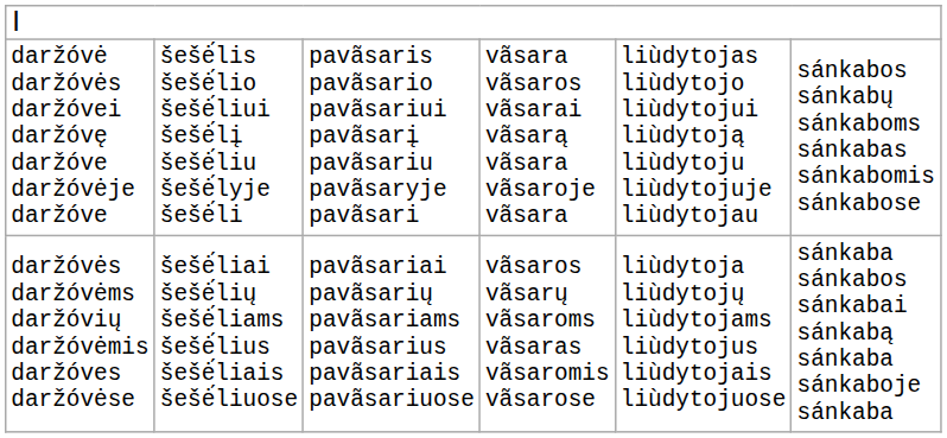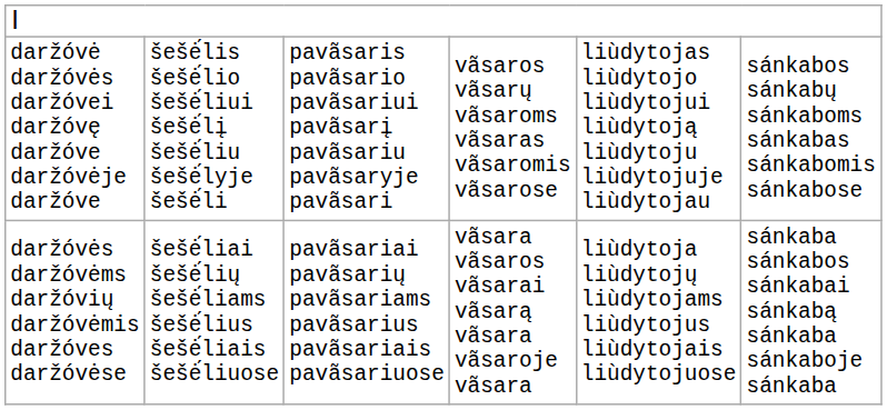 <table class=wikitable style="font-family: monospace; background:#FFFFFF">
 <tr style="font-family: sans-serif; line-height: 0.7em">
 <td colspan=6>I</td>
 </tr>
 <tr>
 <td>daržóvė<br>daržóvės<br>daržóvei<br>daržóvę<br>daržóve<br>daržóvėje<br>daržóve</td>
 <td>šešė́lis<br>šešė́lio<br>šešė́liui<br>šešė́lį<br>šešė́liu<br>šešė́lyje<br>šešė́li</td>
 <td>pavãsaris<br>pavãsario<br>pavãsariui<br>pavãsarį<br>pavãsariu<br>pavãsaryje<br>pavãsari</td>
-<td>vãsara<br>vãsaros<br>vãsarai<br>vãsarą<br>vãsara<br>vãsaroje<br>vãsara</td>
+<td>vãsaros<br>vãsarų<br>vãsaroms<br>vãsaras<br>vãsaromis<br>vãsarose</td>
 <td>liùdytojas<br>liùdytojo<br>liùdytojui<br>liùdytoją<br>liùdytoju<br>liùdytojuje<br>liùdytojau</td>
 <td>sánkabos<br>sánkabų<br>sánkaboms<br>sánkabas<br>sánkabomis<br>sánkabose</td>
 </tr>
 <tr>
 <td>daržóvės<br>daržóvėms<br>daržóvių<br>daržóvėmis<br>daržóves<br>daržóvėse</td>
 <td>šešė́liai<br>šešė́lių<br>šešė́liams<br>šešė́lius<br>šešė́liais<br>šešė́liuose</td>
 <td>pavãsariai<br>pavãsarių<br>pavãsariams<br>pavãsarius<br>pavãsariais<br>pavãsariuose</td>
-<td>vãsaros<br>vãsarų<br>vãsaroms<br>vãsaras<br>vãsaromis<br>vãsarose</td>
+<td>vãsara<br>vãsaros<br>vãsarai<br>vãsarą<br>vãsara<br>vãsaroje<br>vãsara</td>
 <td>liùdytoja<br>liùdytojų<br>liùdytojams<br>liùdytojus<br>liùdytojais<br>liùdytojuose</td>
 <td>sánkaba<br>sánkabos<br>sánkabai<br>sánkabą<br>sánkaba<br>sánkaboje<br>sánkaba</td>
 </tr>
 </table>
